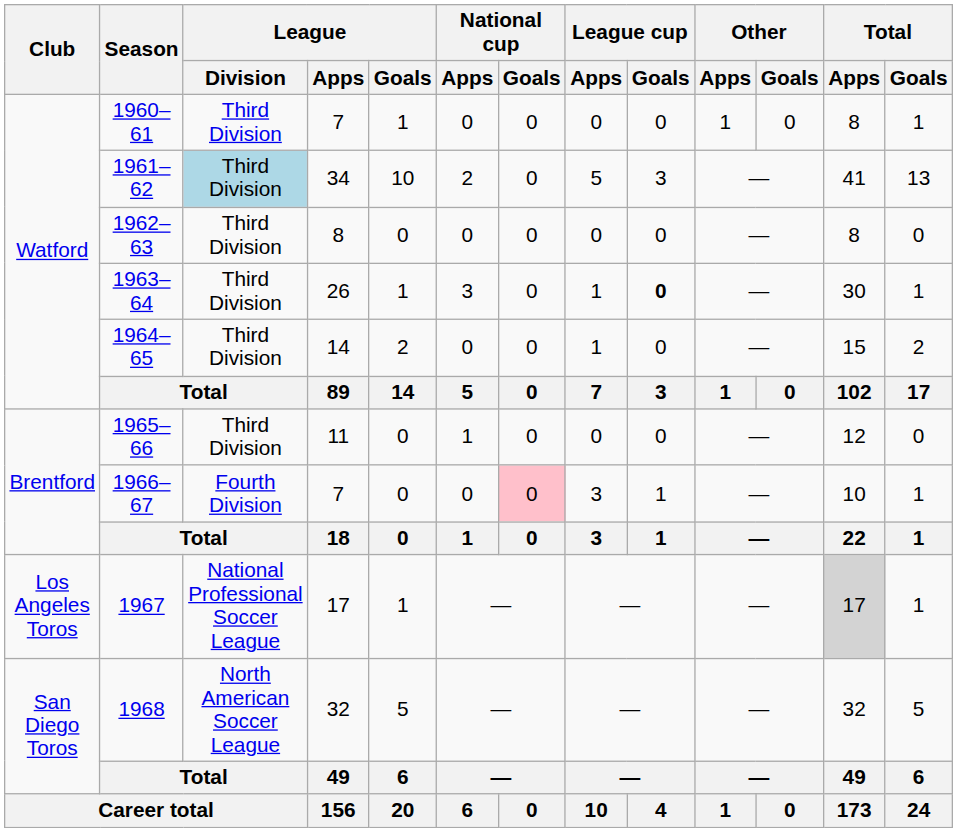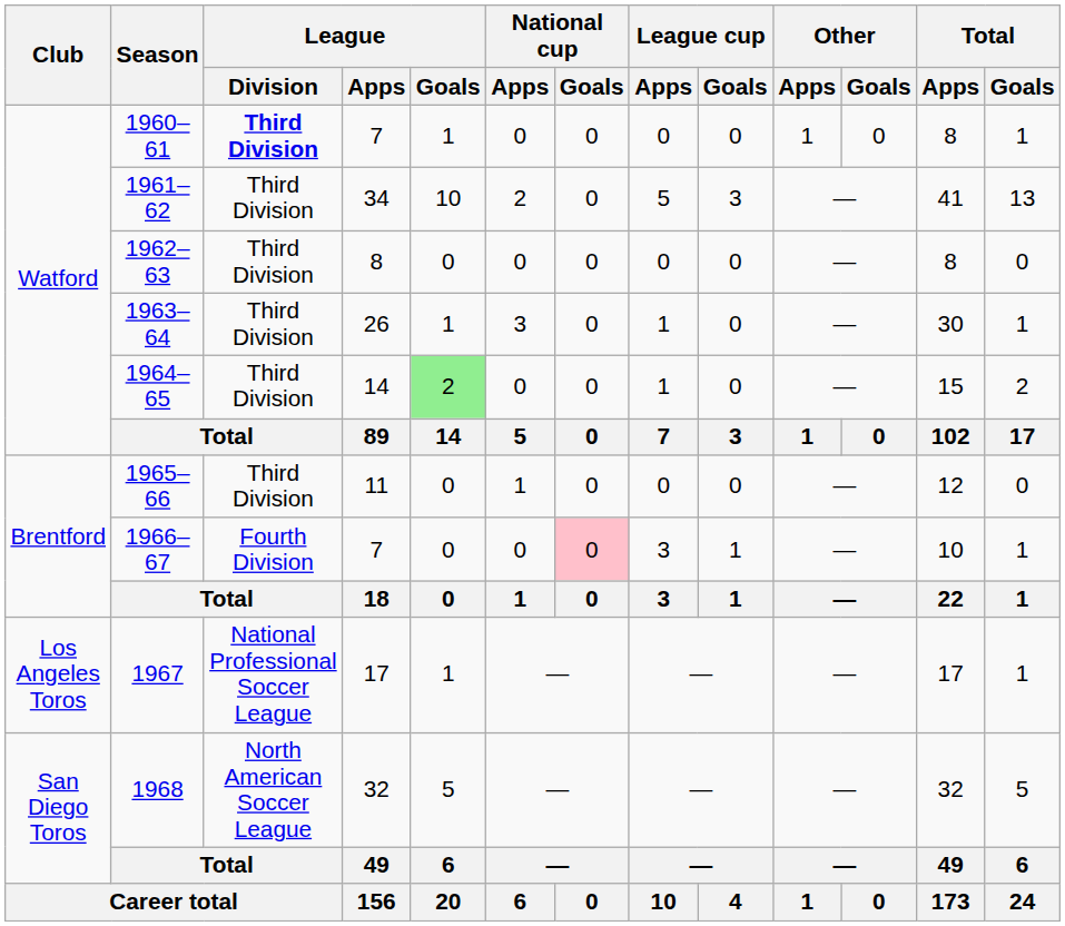 <table class="wikitable" style="text-align: center;">
 <tr>
 <th rowspan="2">Club</th>
 <th rowspan="2">Season</th>
 <th colspan="3">League</th>
 <th colspan="2">National cup</th>
 <th colspan="2">League cup</th>
 <th colspan="2">Other</th>
 <th colspan="2">Total</th>
 </tr>
 <tr>
 <th>Division</th>
 <th>Apps</th>
 <th>Goals</th>
 <th>Apps</th>
 <th>Goals</th>
 <th>Apps</th>
 <th>Goals</th>
 <th>Apps</th>
 <th>Goals</th>
 <th>Apps</th>
 <th>Goals</th>
 </tr>
 <tr>
 <td rowspan="6"><a href='#'>Watford</a></td>
 <td><a href='#'>1960–61</a></td>
-<td><a href='#'>Third Division</a></td>
+<td><strong><a href='#'>Third Division</a></strong></td>
 <td>7</td>
 <td>1</td>
 <td>0</td>
 <td>0</td>
 <td>0</td>
 <td>0</td>
 <td>1</td>
 <td>0</td>
 <td>8</td>
 <td>1</td>
 </tr>
 <tr>
 <td><a href='#'>1961–62</a></td>
-<td style="background: lightblue;">Third Division</td>
+<td>Third Division</td>
 <td>34</td>
 <td>10</td>
 <td>2</td>
 <td>0</td>
 <td>5</td>
 <td>3</td>
 <td colspan="2">—</td>
 <td>41</td>
 <td>13</td>
 </tr>
 <tr>
 <td><a href='#'>1962–63</a></td>
 <td>Third Division</td>
 <td>8</td>
 <td>0</td>
 <td>0</td>
 <td>0</td>
 <td>0</td>
 <td>0</td>
 <td colspan="2">—</td>
 <td>8</td>
 <td>0</td>
 </tr>
 <tr>
 <td><a href='#'>1963–64</a></td>
 <td>Third Division</td>
 <td>26</td>
 <td>1</td>
 <td>3</td>
 <td>0</td>
 <td>1</td>
-<td><strong>0</strong></td>
+<td>0</td>
 <td colspan="2">—</td>
 <td>30</td>
 <td>1</td>
 </tr>
 <tr>
 <td><a href='#'>1964–65</a></td>
 <td>Third Division</td>
 <td>14</td>
-<td>2</td>
+<td style="background: lightgreen;">2</td>
 <td>0</td>
 <td>0</td>
 <td>1</td>
 <td>0</td>
 <td colspan="2">—</td>
 <td>15</td>
 <td>2</td>
 </tr>
 <tr>
 <th colspan="2">Total</th>
 <th>89</th>
 <th>14</th>
 <th>5</th>
 <th>0</th>
 <th>7</th>
 <th>3</th>
 <th>1</th>
 <th>0</th>
 <th>102</th>
 <th>17</th>
 </tr>
 <tr>
 <td rowspan="3"><a href='#'>Brentford</a></td>
 <td><a href='#'>1965–66</a></td>
 <td>Third Division</td>
 <td>11</td>
 <td>0</td>
 <td>1</td>
 <td>0</td>
 <td>0</td>
 <td>0</td>
 <td colspan="2">—</td>
 <td>12</td>
 <td>0</td>
 </tr>
 <tr>
 <td><a href='#'>1966–67</a></td>
 <td><a href='#'>Fourth Division</a></td>
 <td>7</td>
 <td>0</td>
 <td>0</td>
 <td style="background: pink;">0</td>
 <td>3</td>
 <td>1</td>
 <td colspan="2">—</td>
 <td>10</td>
 <td>1</td>
 </tr>
 <tr>
 <th colspan="2">Total</th>
 <th>18</th>
 <th>0</th>
 <th>1</th>
 <th>0</th>
 <th>3</th>
 <th>1</th>
 <th colspan="2">—</th>
 <th>22</th>
 <th>1</th>
 </tr>
 <tr>
 <td><a href='#'>Los Angeles Toros</a></td>
 <td><a href='#'>1967</a></td>
 <td><a href='#'>National Professional Soccer League</a></td>
 <td>17</td>
 <td>1</td>
 <td colspan="2">—</td>
 <td colspan="2">—</td>
 <td colspan="2">—</td>
-<td style="background: lightgrey;">17</td>
+<td>17</td>
 <td>1</td>
 </tr>
 <tr>
 <td rowspan="2"><a href='#'>San Diego Toros</a></td>
 <td><a href='#'>1968</a></td>
 <td><a href='#'>North American Soccer League</a></td>
 <td>32</td>
 <td>5</td>
 <td colspan="2">—</td>
 <td colspan="2">—</td>
 <td colspan="2">—</td>
 <td>32</td>
 <td>5</td>
 </tr>
 <tr>
 <th colspan="2">Total</th>
 <th>49</th>
 <th>6</th>
 <th colspan="2">—</th>
 <th colspan="2">—</th>
 <th colspan="2">—</th>
 <th>49</th>
 <th>6</th>
 </tr>
 <tr>
 <th colspan="3">Career total</th>
 <th>156</th>
 <th>20</th>
 <th>6</th>
 <th>0</th>
 <th>10</th>
 <th>4</th>
 <th>1</th>
 <th>0</th>
 <th>173</th>
 <th>24</th>
 </tr>
 </table>
